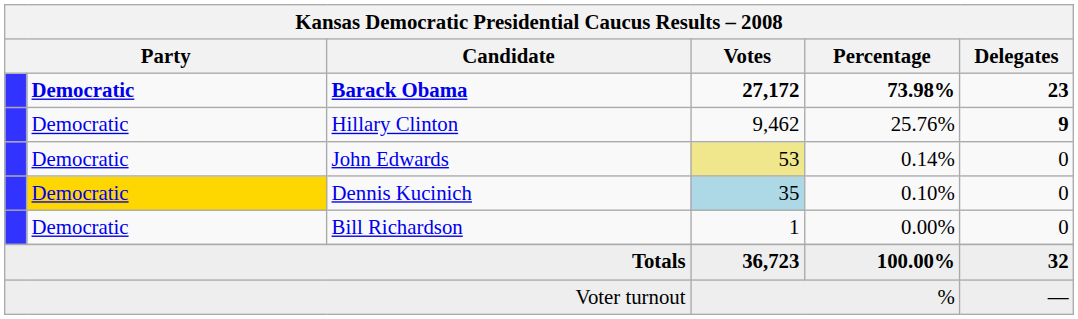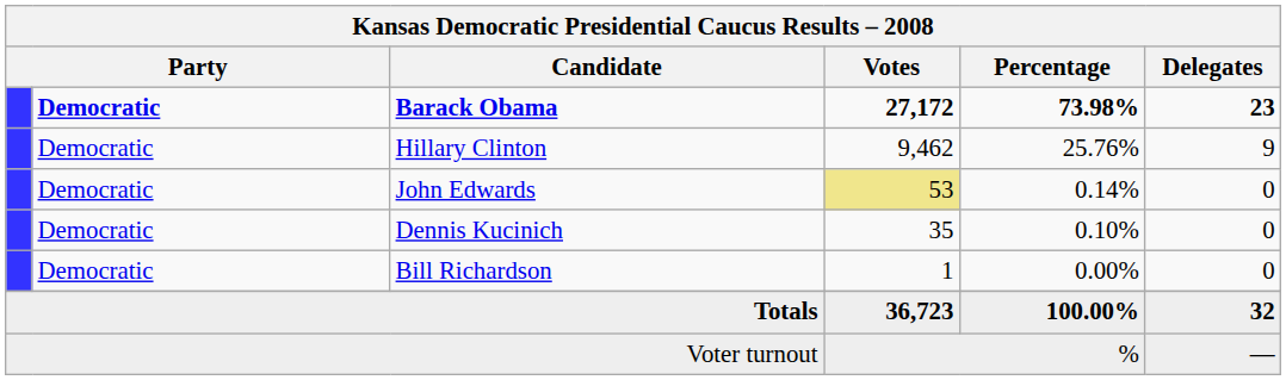 <table class="wikitable" style="font-size:95%;">
 <tr>
 <th colspan="7">Kansas Democratic Presidential Caucus Results – 2008</th>
 </tr>
 <tr>
 <th colspan="2" style="width: 15em">Party</th>
 <th style="width: 17em">Candidate</th>
 <th style="width: 5em">Votes</th>
 <th style="width: 7em">Percentage</th>
 <th style="width: 5em">Delegates</th>
 </tr>
 <tr>
 <th style="background-color:#3333FF; width: 3px"></th>
 <td style="width: 130px"><strong><a href='#'>Democratic</a></strong></td>
 <td><strong><a href='#'>Barack Obama</a></strong></td>
 <td align="right"><strong>27,172</strong></td>
 <td align="right"><strong>73.98%</strong></td>
 <td align="right"><strong>23</strong></td>
 </tr>
 <tr>
 <th style="background-color:#3333FF; width: 3px"></th>
 <td style="width: 130px"><a href='#'>Democratic</a></td>
 <td><a href='#'>Hillary Clinton</a></td>
 <td align="right">9,462</td>
 <td align="right">25.76%</td>
-<td align="right"><strong>9</strong></td>
+<td align="right">9</td>
 </tr>
 <tr>
 <th style="background-color:#3333FF; width: 3px"></th>
 <td style="width: 130px"><a href='#'>Democratic</a></td>
 <td><a href='#'>John Edwards</a></td>
 <td align="right" style="background: khaki;">53</td>
 <td align="right">0.14%</td>
 <td align="right">0</td>
 </tr>
 <tr>
 <th style="background-color:#3333FF; width: 3px"></th>
-<td style="background: gold; width: 130px"><a href='#'>Democratic</a></td>
+<td style="width: 130px"><a href='#'>Democratic</a></td>
 <td><a href='#'>Dennis Kucinich</a></td>
-<td align="right" style="background: lightblue;">35</td>
+<td align="right">35</td>
 <td align="right">0.10%</td>
 <td align="right">0</td>
 </tr>
 <tr>
 <th style="background-color:#3333FF; width: 3px"></th>
 <td style="width: 130px"><a href='#'>Democratic</a></td>
 <td><a href='#'>Bill Richardson</a></td>
 <td align="right">1</td>
 <td align="right">0.00%</td>
 <td align="right">0</td>
 </tr>
 <tr>
 </tr>
 <tr bgcolor="#EEEEEE">
 <td colspan="3" align="right"><strong>Totals</strong></td>
 <td align="right"><strong>36,723</strong></td>
 <td align="right"><strong>100.00%</strong></td>
 <td align="right"><strong>32</strong></td>
 </tr>
 <tr bgcolor="#EEEEEE">
 <td colspan="3" align="right">Voter turnout</td>
 <td colspan="2" align="right">%</td>
 <td align="right">—</td>
 </tr>
 </table>
